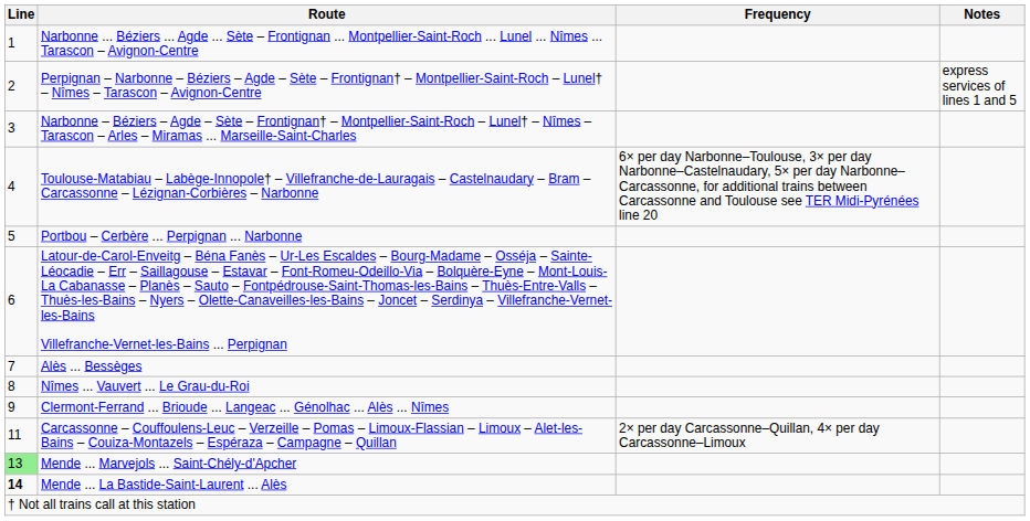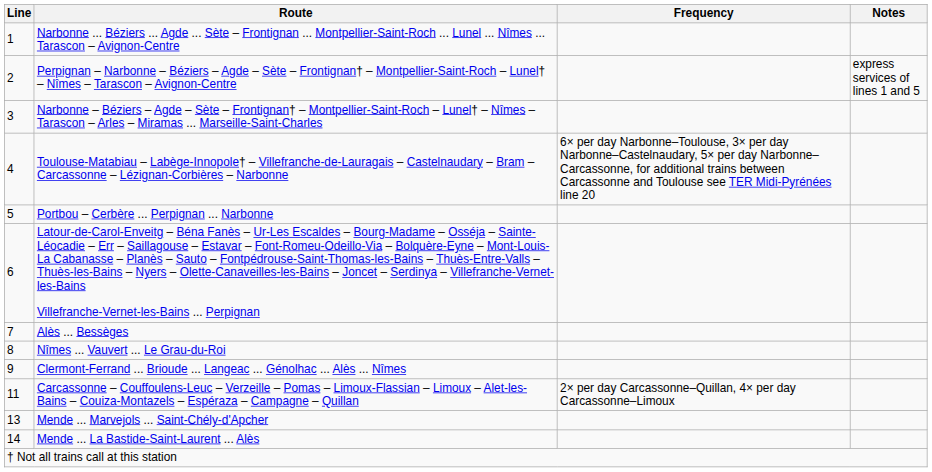 <table class="wikitable vatop">
 <tr>
 <th>Line</th>
 <th>Route</th>
 <th>Frequency</th>
 <th>Notes</th>
 </tr>
 <tr>
 <td>1</td>
 <td><a href='#'>Narbonne</a> ... <a href='#'>Béziers</a> ... <a href='#'>Agde</a> ... <a href='#'>Sète</a> – <a href='#'>Frontignan</a> ... <a href='#'>Montpellier-Saint-Roch</a> ... <a href='#'>Lunel</a> ... <a href='#'>Nîmes</a> ... <a href='#'>Tarascon</a> – <a href='#'>Avignon-Centre</a></td>
 <td></td>
 <td></td>
 </tr>
 <tr>
 <td>2</td>
 <td><a href='#'>Perpignan</a> – <a href='#'>Narbonne</a> – <a href='#'>Béziers</a> – <a href='#'>Agde</a> – <a href='#'>Sète</a> – <a href='#'>Frontignan</a>† – <a href='#'>Montpellier-Saint-Roch</a> – <a href='#'>Lunel</a>† – <a href='#'>Nîmes</a> – <a href='#'>Tarascon</a> – <a href='#'>Avignon-Centre</a></td>
 <td></td>
 <td>express services of lines 1 and 5</td>
 </tr>
 <tr>
 <td>3</td>
 <td><a href='#'>Narbonne</a> – <a href='#'>Béziers</a> – <a href='#'>Agde</a> – <a href='#'>Sète</a> – <a href='#'>Frontignan</a>† – <a href='#'>Montpellier-Saint-Roch</a> – <a href='#'>Lunel</a>† – <a href='#'>Nîmes</a> – <a href='#'>Tarascon</a> – <a href='#'>Arles</a> – <a href='#'>Miramas</a> ... <a href='#'>Marseille-Saint-Charles</a></td>
 <td></td>
 <td></td>
 </tr>
 <tr>
 <td>4</td>
 <td><a href='#'>Toulouse-Matabiau</a> – <a href='#'>Labège-Innopole</a>† – <a href='#'>Villefranche-de-Lauragais</a> – <a href='#'>Castelnaudary</a> – <a href='#'>Bram</a> – <a href='#'>Carcassonne</a> – <a href='#'>Lézignan-Corbières</a> – <a href='#'>Narbonne</a></td>
 <td>6× per day Narbonne–Toulouse, 3× per day Narbonne–Castelnaudary, 5× per day Narbonne–Carcassonne, for additional trains between Carcassonne and Toulouse see <a href='#'>TER Midi-Pyrénées</a> line 20</td>
 <td></td>
 </tr>
 <tr>
 <td>5</td>
 <td><a href='#'>Portbou</a> – <a href='#'>Cerbère</a> ... <a href='#'>Perpignan</a> ... <a href='#'>Narbonne</a></td>
 <td></td>
 <td></td>
 </tr>
 <tr>
 <td>6</td>
 <td><a href='#'>Latour-de-Carol-Enveitg</a> – <a href='#'>Béna Fanès</a> – <a href='#'>Ur-Les Escaldes</a> – <a href='#'>Bourg-Madame</a> – <a href='#'>Osséja</a> – <a href='#'>Sainte-Léocadie</a> – <a href='#'>Err</a> – <a href='#'>Saillagouse</a> – <a href='#'>Estavar</a> – <a href='#'>Font-Romeu-Odeillo-Via</a> – <a href='#'>Bolquère-Eyne</a> – <a href='#'>Mont-Louis-La Cabanasse</a> – <a href='#'>Planès</a> – <a href='#'>Sauto</a> – <a href='#'>Fontpédrouse-Saint-Thomas-les-Bains</a> – <a href='#'>Thuès-Entre-Valls</a> – <a href='#'>Thuès-les-Bains</a> – <a href='#'>Nyers</a> – <a href='#'>Olette-Canaveilles-les-Bains</a> – <a href='#'>Joncet</a> – <a href='#'>Serdinya</a> – <a href='#'>Villefranche-Vernet-les-Bains</a><br><br><a href='#'>Villefranche-Vernet-les-Bains</a> ... <a href='#'>Perpignan</a></td>
 <td></td>
 <td></td>
 </tr>
 <tr>
 <td>7</td>
 <td><a href='#'>Alès</a> ... <a href='#'>Bessèges</a></td>
 <td></td>
 <td></td>
 </tr>
 <tr>
 <td>8</td>
 <td><a href='#'>Nîmes</a> ... <a href='#'>Vauvert</a> ... <a href='#'>Le Grau-du-Roi</a></td>
 <td></td>
 <td></td>
 </tr>
 <tr>
 <td>9</td>
 <td><a href='#'>Clermont-Ferrand</a> ... <a href='#'>Brioude</a> ... <a href='#'>Langeac</a> ... <a href='#'>Génolhac</a> ... <a href='#'>Alès</a> ... <a href='#'>Nîmes</a></td>
 <td></td>
 <td></td>
 </tr>
 <tr>
 <td>11</td>
 <td><a href='#'>Carcassonne</a> – <a href='#'>Couffoulens-Leuc</a> – <a href='#'>Verzeille</a> – <a href='#'>Pomas</a> – <a href='#'>Limoux-Flassian</a> – <a href='#'>Limoux</a> – <a href='#'>Alet-les-Bains</a> – <a href='#'>Couiza-Montazels</a> – <a href='#'>Espéraza</a> – <a href='#'>Campagne</a> – <a href='#'>Quillan</a></td>
 <td>2× per day Carcassonne–Quillan, 4× per day Carcassonne–Limoux</td>
 <td></td>
 </tr>
 <tr>
-<td style="background: lightgreen;">13</td>
+<td>13</td>
 <td><a href='#'>Mende</a> ... <a href='#'>Marvejols</a> ... <a href='#'>Saint-Chély-d'Apcher</a></td>
 <td></td>
 <td></td>
 </tr>
 <tr>
-<td><strong>14</strong></td>
+<td>14</td>
 <td><a href='#'>Mende</a> ... <a href='#'>La Bastide-Saint-Laurent</a> ... <a href='#'>Alès</a></td>
 <td></td>
 <td></td>
 </tr>
 <tr>
 <td colspan=4>† Not all trains call at this station</td>
 </tr>
 </table>
